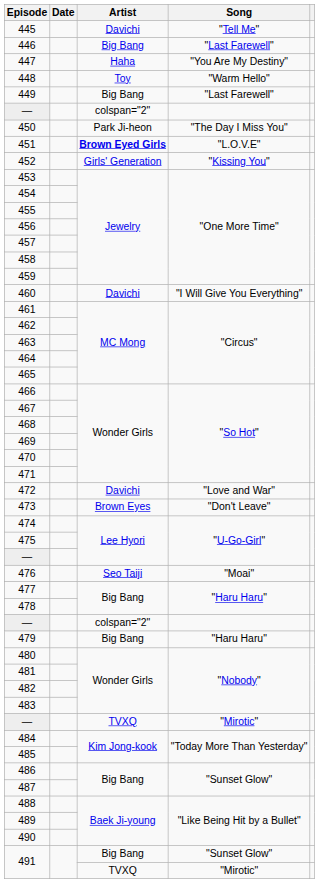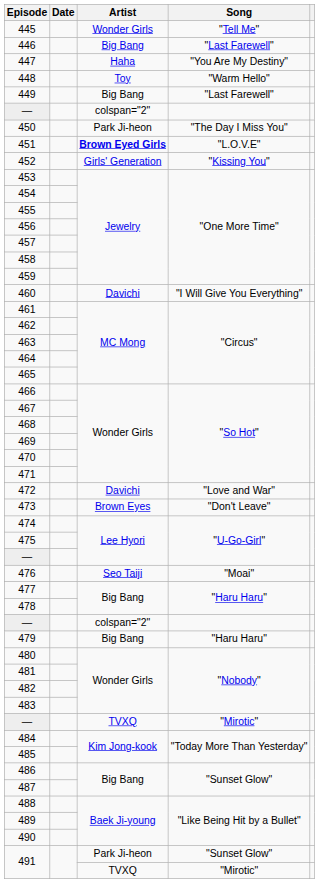 <table class="sortable wikitable" style=text-align:center>
 <tr>
 <th>Episode</th>
 <th>Date</th>
 <th>Artist</th>
 <th>Song</th>
 <th class="unsortable"></th>
 </tr>
 <tr>
 <td>445</td>
 <td></td>
-<td><a href='#'>Davichi</a></td>
+<td><a href='#'>Wonder Girls</a></td>
 <td>"<a href='#'>Tell Me</a>"</td>
 <td></td>
 </tr>
 <tr>
 <td>446</td>
 <td></td>
 <td><a href='#'>Big Bang</a></td>
 <td>"<a href='#'>Last Farewell</a>"</td>
 <td></td>
 </tr>
 <tr>
 <td>447</td>
 <td></td>
 <td><a href='#'>Haha</a></td>
 <td>"You Are My Destiny"</td>
 <td></td>
 </tr>
 <tr>
 <td>448</td>
 <td></td>
 <td><a href='#'>Toy</a></td>
 <td>"Warm Hello"</td>
 <td></td>
 </tr>
 <tr>
 <td>449</td>
 <td></td>
 <td>Big Bang</td>
 <td>"Last Farewell"</td>
 <td></td>
 </tr>
 <tr>
 <td style="background:#eee;">—</td>
 <td></td>
 <td>colspan="2" <center></center></td>
 <td></td>
 </tr>
 <tr>
 <td>450</td>
 <td></td>
 <td>Park Ji-heon</td>
 <td>"The Day I Miss You"</td>
 <td></td>
 </tr>
 <tr>
 <td>451</td>
 <td></td>
 <td><strong><a href='#'>Brown Eyed Girls</a></strong></td>
 <td>"L.O.V.E"</td>
 <td></td>
 </tr>
 <tr>
 <td>452</td>
 <td></td>
 <td><a href='#'>Girls' Generation</a></td>
 <td>"<a href='#'>Kissing You</a>"</td>
 <td></td>
 </tr>
 <tr>
 <td>453</td>
 <td></td>
 <td rowspan="7"><a href='#'>Jewelry</a></td>
 <td rowspan="7">"One More Time"</td>
 <td rowspan="7"></td>
 </tr>
 <tr>
 <td>454</td>
 <td></td>
 </tr>
 <tr>
 <td>455</td>
 <td></td>
 </tr>
 <tr>
 <td>456</td>
 <td></td>
 </tr>
 <tr>
 <td>457</td>
 <td></td>
 </tr>
 <tr>
 <td>458</td>
 <td></td>
 </tr>
 <tr>
 <td>459</td>
 <td></td>
 </tr>
 <tr>
 <td>460</td>
 <td></td>
 <td><a href='#'>Davichi</a></td>
 <td>"I Will Give You Everything"</td>
 <td></td>
 </tr>
 <tr>
 <td>461</td>
 <td></td>
 <td rowspan="5"><a href='#'>MC Mong</a></td>
 <td rowspan="5">"Circus"</td>
 <td rowspan="5"></td>
 </tr>
 <tr>
 <td>462</td>
 <td></td>
 </tr>
 <tr>
 <td>463</td>
 <td></td>
 </tr>
 <tr>
 <td>464</td>
 <td></td>
 </tr>
 <tr>
 <td>465</td>
 <td></td>
 </tr>
 <tr>
 <td>466</td>
 <td></td>
 <td rowspan="6">Wonder Girls</td>
 <td rowspan="6">"<a href='#'>So Hot</a>"</td>
 <td rowspan="6"></td>
 </tr>
 <tr>
 <td>467</td>
 <td></td>
 </tr>
 <tr>
 <td>468</td>
 <td></td>
 </tr>
 <tr>
 <td>469</td>
 <td></td>
 </tr>
 <tr>
 <td>470</td>
 <td></td>
 </tr>
 <tr>
 <td>471</td>
 <td></td>
 </tr>
 <tr>
 <td>472</td>
 <td></td>
 <td><a href='#'>Davichi</a></td>
 <td>"Love and War"</td>
 <td></td>
 </tr>
 <tr>
 <td>473</td>
 <td></td>
 <td><a href='#'>Brown Eyes</a></td>
 <td>"Don't Leave"</td>
 <td></td>
 </tr>
 <tr>
 <td>474</td>
 <td></td>
 <td rowspan="3"><a href='#'>Lee Hyori</a></td>
 <td rowspan="3">"<a href='#'>U-Go-Girl</a>"</td>
 <td rowspan="3"></td>
 </tr>
 <tr>
 <td>475</td>
 <td></td>
 </tr>
 <tr>
 <td style="background:#eee;">—</td>
 <td></td>
 </tr>
 <tr>
 <td>476</td>
 <td></td>
 <td><a href='#'>Seo Taiji</a></td>
 <td>"Moai"</td>
 <td></td>
 </tr>
 <tr>
 <td>477</td>
 <td></td>
 <td rowspan="2">Big Bang</td>
 <td rowspan="2">"<a href='#'>Haru Haru</a>"</td>
 <td rowspan="2"></td>
 </tr>
 <tr>
 <td>478</td>
 <td></td>
 </tr>
 <tr>
 <td style="background:#eee;">—</td>
 <td></td>
 <td>colspan="2" <center></center></td>
 <td></td>
 </tr>
 <tr>
 <td>479</td>
 <td></td>
 <td>Big Bang</td>
 <td>"Haru Haru"</td>
 <td></td>
 </tr>
 <tr>
 <td>480</td>
 <td></td>
 <td rowspan="4">Wonder Girls</td>
 <td rowspan="4">"<a href='#'>Nobody</a>"</td>
 <td rowspan="4"></td>
 </tr>
 <tr>
 <td>481</td>
 <td></td>
 </tr>
 <tr>
 <td>482</td>
 <td></td>
 </tr>
 <tr>
 <td>483</td>
 <td></td>
 </tr>
 <tr>
 <td style="background:#eee;">—</td>
 <td></td>
 <td><a href='#'>TVXQ</a></td>
 <td>"<a href='#'>Mirotic</a>"</td>
 <td></td>
 </tr>
 <tr>
 <td>484</td>
 <td></td>
 <td rowspan="2"><a href='#'>Kim Jong-kook</a></td>
 <td rowspan="2">"Today More Than Yesterday"</td>
 <td rowspan="2"></td>
 </tr>
 <tr>
 <td>485</td>
 <td></td>
 </tr>
 <tr>
 <td>486</td>
 <td></td>
 <td rowspan="2">Big Bang</td>
 <td rowspan="2">"Sunset Glow"</td>
 <td rowspan="2"></td>
 </tr>
 <tr>
 <td>487</td>
 <td></td>
 </tr>
 <tr>
 <td>488</td>
 <td></td>
 <td rowspan="3"><a href='#'>Baek Ji-young</a></td>
 <td rowspan="3">"Like Being Hit by a Bullet"</td>
 <td rowspan="3"></td>
 </tr>
 <tr>
 <td>489</td>
 <td></td>
 </tr>
 <tr>
 <td>490</td>
 <td></td>
 </tr>
 <tr>
 <td rowspan="2">491</td>
 <td rowspan="2"></td>
-<td>Big Bang</td>
+<td>Park Ji-heon</td>
 <td>"Sunset Glow"</td>
 <td></td>
 </tr>
 <tr>
 <td>TVXQ</td>
 <td>"Mirotic"</td>
 <td></td>
 </tr>
 </table>
